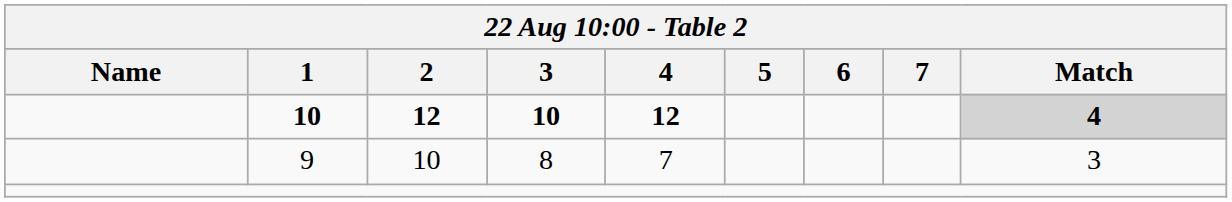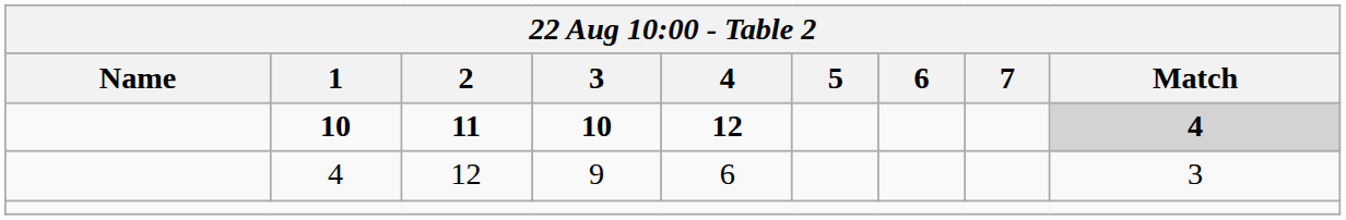 <table class=wikitable style="text-align:center; width: 55%">
 <tr>
 <th colspan=17><em>22 Aug 10:00 - Table 2</em></th>
 </tr>
 <tr>
 <th>Name</th>
 <th>1</th>
 <th>2</th>
 <th>3</th>
 <th>4</th>
 <th>5</th>
 <th>6</th>
 <th>7</th>
 <th>Match</th>
 </tr>
 <tr>
 <td style="text-align:left;"><strong></strong></td>
 <td><strong>10</strong></td>
-<td><strong>12</strong></td>
+<td><strong>11</strong></td>
 <td><strong>10</strong></td>
 <td><strong>12</strong></td>
 <td></td>
 <td></td>
 <td></td>
 <td style="background: lightgrey;"><strong>4</strong></td>
 </tr>
 <tr>
 <td style="text-align:left;"></td>
+<td>4</td>
+<td>12</td>
 <td>9</td>
-<td>10</td>
-<td>8</td>
-<td>7</td>
+<td>6</td>
 <td></td>
 <td></td>
 <td></td>
 <td>3</td>
 </tr>
 <tr>
 <td colspan=17></td>
 </tr>
 </table>
